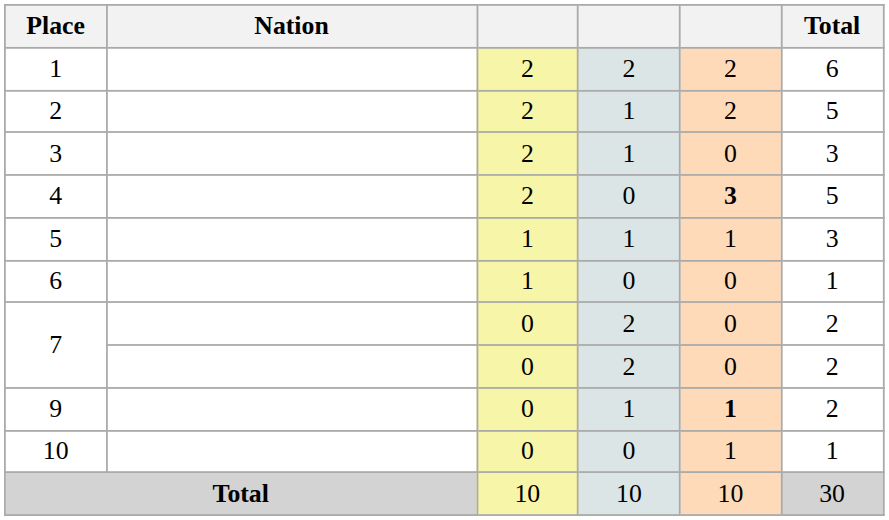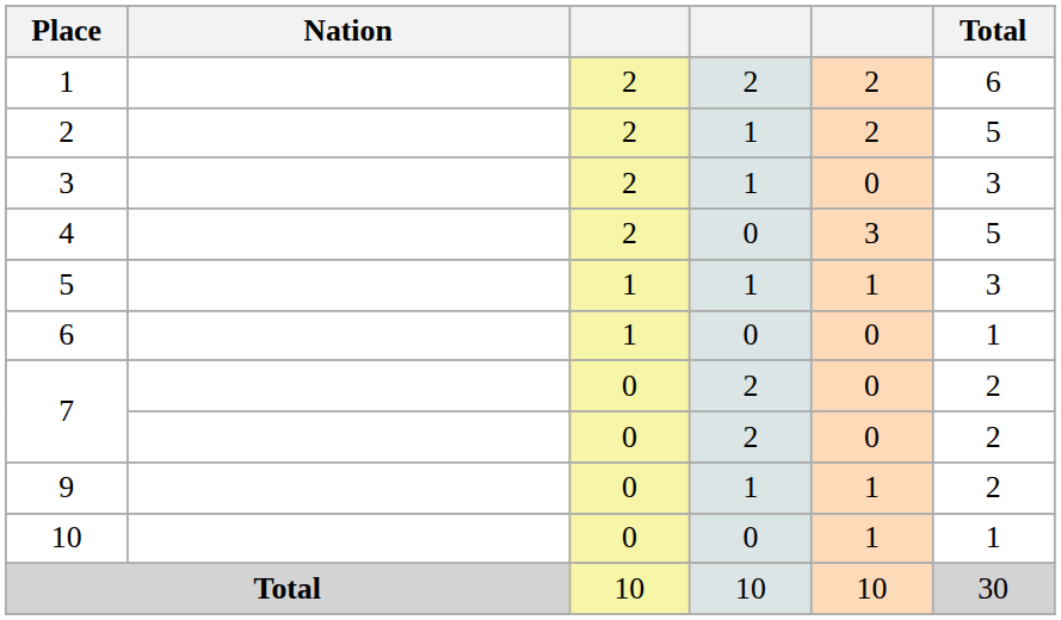 <table class=wikitable style="border:1px solid #AAAAAA;font-size:90%">
 <tr bgcolor="#EFEFEF">
 <th width=50>Place</th>
 <th width=200>Nation</th>
 <th width=50></th>
 <th width=50></th>
 <th width=50></th>
 <th width=50>Total</th>
 </tr>
 <tr align="center" valign="center" bgcolor="#FFFFFF">
 <td>1</td>
 <td align="left"></td>
 <td style="background:#F7F6A8;">2</td>
 <td style="background:#DCE5E5;">2</td>
 <td style="background:#FFDAB9;">2</td>
 <td>6</td>
 </tr>
 <tr align="center" valign="center" bgcolor="#FFFFFF">
 <td>2</td>
 <td align="left"></td>
 <td style="background:#F7F6A8;">2</td>
 <td style="background:#DCE5E5;">1</td>
 <td style="background:#FFDAB9;">2</td>
 <td>5</td>
 </tr>
 <tr align="center" valign="center" bgcolor="#FFFFFF">
 <td>3</td>
 <td align="left"></td>
 <td style="background:#F7F6A8;">2</td>
 <td style="background:#DCE5E5;">1</td>
 <td style="background:#FFDAB9;">0</td>
 <td>3</td>
 </tr>
 <tr align="center" valign="center" bgcolor="#FFFFFF">
 <td>4</td>
 <td align="left"></td>
 <td style="background:#F7F6A8;">2</td>
 <td style="background:#DCE5E5;">0</td>
-<td style="background:#FFDAB9;"><strong>3</strong></td>
+<td style="background:#FFDAB9;">3</td>
 <td>5</td>
 </tr>
 <tr align="center" valign="center" bgcolor="#FFFFFF">
 <td>5</td>
 <td align="left"></td>
 <td style="background:#F7F6A8;">1</td>
 <td style="background:#DCE5E5;">1</td>
 <td style="background:#FFDAB9;">1</td>
 <td>3</td>
 </tr>
 <tr align="center" valign="center" bgcolor="#FFFFFF">
 <td>6</td>
 <td align="left"></td>
 <td style="background:#F7F6A8;">1</td>
 <td style="background:#DCE5E5;">0</td>
 <td style="background:#FFDAB9;">0</td>
 <td>1</td>
 </tr>
 <tr align="center" valign="center" bgcolor="#FFFFFF">
 <td rowspan=2>7</td>
 <td align="left"></td>
 <td style="background:#F7F6A8;">0</td>
 <td style="background:#DCE5E5;">2</td>
 <td style="background:#FFDAB9;">0</td>
 <td>2</td>
 </tr>
 <tr align="center" valign="center" bgcolor="#FFFFFF">
 <td align="left"></td>
 <td style="background:#F7F6A8;">0</td>
 <td style="background:#DCE5E5;">2</td>
 <td style="background:#FFDAB9;">0</td>
 <td>2</td>
 </tr>
 <tr align="center" valign="center" bgcolor="#FFFFFF">
 <td>9</td>
 <td align="left"></td>
 <td style="background:#F7F6A8;">0</td>
 <td style="background:#DCE5E5;">1</td>
-<td style="background:#FFDAB9;"><strong>1</strong></td>
+<td style="background:#FFDAB9;">1</td>
 <td>2</td>
 </tr>
 <tr align="center" valign="center" bgcolor="#FFFFFF">
 <td>10</td>
 <td align="left"></td>
 <td style="background:#F7F6A8;">0</td>
 <td style="background:#DCE5E5;">0</td>
 <td style="background:#FFDAB9;">1</td>
 <td>1</td>
 </tr>
 <tr align="center">
 <td colspan="2" bgcolor=D3D3D3><strong>Total</strong></td>
 <td style="background:#F7F6A8;">10</td>
 <td style="background:#DCE5E5;">10</td>
 <td style="background:#FFDAB9;">10</td>
 <td bgcolor=D3D3D3>30</td>
 </tr>
 </table>
